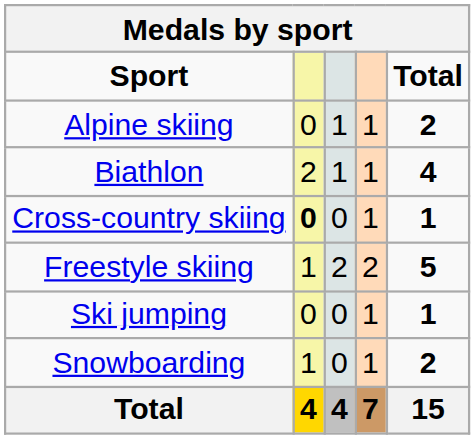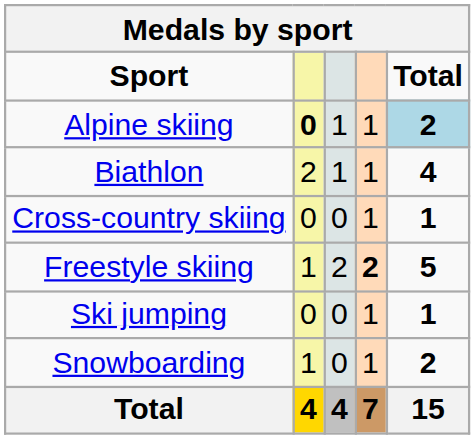 <table class="wikitable" style="font-size:85%">
 <tr style="background:#efefef;">
 <th colspan=5><strong>Medals by sport</strong></th>
 </tr>
 <tr align=center>
 <td><strong>Sport</strong></td>
 <td bgcolor=#f7f6a8></td>
 <td bgcolor=#dce5e5></td>
 <td bgcolor=#ffdab9></td>
 <td><strong>Total</strong></td>
 </tr>
 <tr align=center>
 <td><a href='#'>Alpine skiing</a></td>
-<td style="background:#F7F6A8;">0</td>
+<td style="background:#F7F6A8;"><strong>0</strong></td>
 <td style="background:#DCE5E5;">1</td>
 <td style="background:#FFDAB9;">1</td>
-<td><strong>2</strong></td>
+<td style="background: lightblue;"><strong>2</strong></td>
 </tr>
 <tr align=center>
 <td><a href='#'>Biathlon</a></td>
 <td style="background:#F7F6A8;">2</td>
 <td style="background:#DCE5E5;">1</td>
 <td style="background:#FFDAB9;">1</td>
 <td><strong>4</strong></td>
 </tr>
 <tr align=center>
 <td><a href='#'>Cross-country skiing</a></td>
-<td bgcolor=#f7f6a8><strong>0</strong></td>
+<td bgcolor=#f7f6a8>0</td>
 <td bgcolor=#dce5e5>0</td>
 <td bgcolor=#ffdab9>1</td>
 <td><strong>1</strong></td>
 </tr>
 <tr align=center>
 <td><a href='#'>Freestyle skiing</a></td>
 <td style="background:#F7F6A8;">1</td>
 <td style="background:#DCE5E5;">2</td>
-<td style="background:#FFDAB9;">2</td>
+<td style="background:#FFDAB9;"><strong>2</strong></td>
 <td><strong>5</strong></td>
 </tr>
 <tr align=center>
 <td><a href='#'>Ski jumping</a></td>
 <td style="background:#F7F6A8;">0</td>
 <td style="background:#DCE5E5;">0</td>
 <td style="background:#FFDAB9;">1</td>
 <td><strong>1</strong></td>
 </tr>
 <tr align=center>
 <td><a href='#'>Snowboarding</a></td>
 <td style="background:#F7F6A8;">1</td>
 <td style="background:#DCE5E5;">0</td>
 <td style="background:#FFDAB9;">1</td>
 <td><strong>2</strong></td>
 </tr>
 <tr align=center>
 <th><strong>Total</strong></th>
 <th style="background:gold;"><strong>4</strong></th>
 <th style="background:silver;"><strong>4</strong></th>
 <th style="background:#c96;"><strong>7</strong></th>
 <th><strong>15</strong></th>
 </tr>
 </table>
